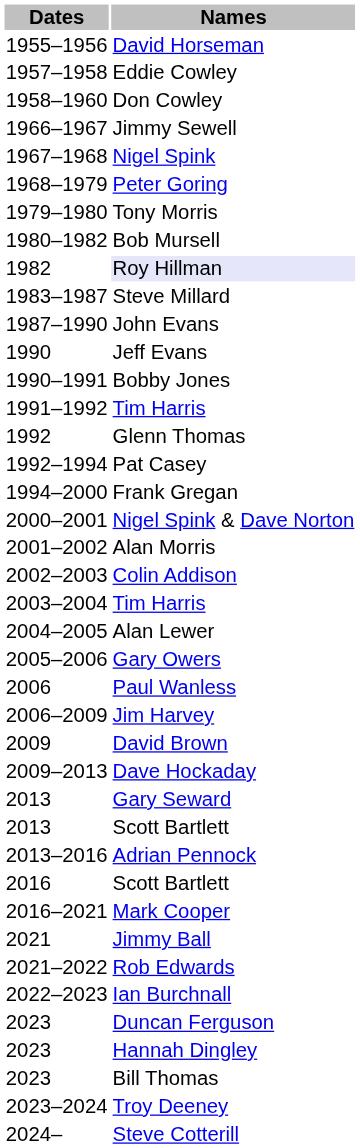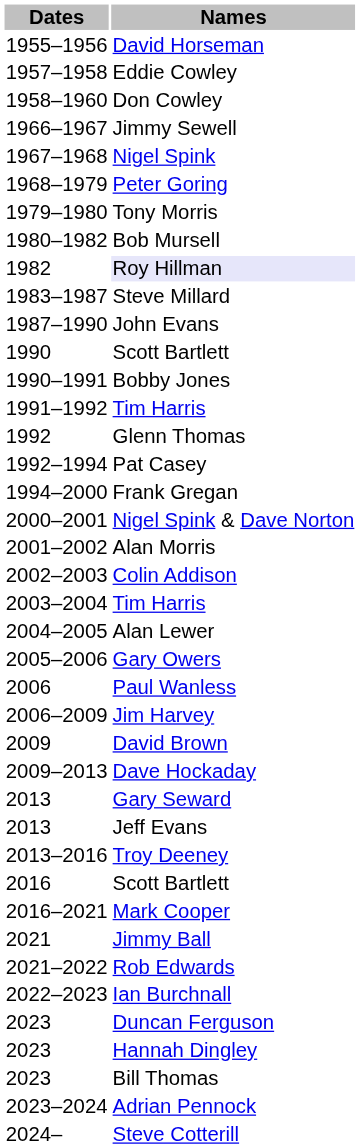 <table class="toccolours">
 <tr>
 <th bgcolor=silver>Dates</th>
 <th bgcolor=silver>Names</th>
 </tr>
 <tr>
 <td>1955–1956</td>
 <td> <a href='#'>David Horseman</a></td>
 </tr>
 <tr>
 <td>1957–1958</td>
 <td> Eddie Cowley</td>
 </tr>
 <tr>
 <td>1958–1960</td>
 <td> Don Cowley</td>
 </tr>
 <tr>
 <td>1966–1967</td>
 <td> Jimmy Sewell</td>
 </tr>
 <tr>
 <td>1967–1968</td>
 <td> <a href='#'>Nigel Spink</a></td>
 </tr>
 <tr>
 <td>1968–1979</td>
 <td> <a href='#'>Peter Goring</a></td>
 </tr>
 <tr>
 <td>1979–1980</td>
 <td> Tony Morris</td>
 </tr>
 <tr>
 <td>1980–1982</td>
 <td> Bob Mursell</td>
 </tr>
 <tr>
 <td>1982</td>
 <td style="background: lavender;"> Roy Hillman</td>
 </tr>
 <tr>
 <td>1983–1987</td>
 <td> Steve Millard</td>
 </tr>
 <tr>
 <td>1987–1990</td>
 <td> John Evans</td>
 </tr>
 <tr>
 <td>1990</td>
-<td> Jeff Evans</td>
+<td> Scott Bartlett</td>
 </tr>
 <tr>
 <td>1990–1991</td>
 <td> Bobby Jones</td>
 </tr>
 <tr>
 <td>1991–1992</td>
 <td> <a href='#'>Tim Harris</a></td>
 </tr>
 <tr>
 <td>1992</td>
 <td> Glenn Thomas</td>
 </tr>
 <tr>
 <td>1992–1994</td>
 <td> Pat Casey</td>
 </tr>
 <tr>
 <td>1994–2000</td>
 <td> Frank Gregan</td>
 </tr>
 <tr>
 <td>2000–2001</td>
 <td> <a href='#'>Nigel Spink</a> & <a href='#'>Dave Norton</a></td>
 </tr>
 <tr>
 <td>2001–2002</td>
 <td> Alan Morris</td>
 </tr>
 <tr>
 <td>2002–2003</td>
 <td> <a href='#'>Colin Addison</a></td>
 </tr>
 <tr>
 <td>2003–2004</td>
 <td> <a href='#'>Tim Harris</a></td>
 </tr>
 <tr>
 <td>2004–2005</td>
 <td> Alan Lewer</td>
 </tr>
 <tr>
 <td>2005–2006</td>
 <td> <a href='#'>Gary Owers</a></td>
 </tr>
 <tr>
 <td>2006</td>
 <td> <a href='#'>Paul Wanless</a></td>
 </tr>
 <tr>
 <td>2006–2009</td>
 <td> <a href='#'>Jim Harvey</a></td>
 </tr>
 <tr>
 <td>2009</td>
 <td> <a href='#'>David Brown</a></td>
 </tr>
 <tr>
 <td>2009–2013</td>
 <td> <a href='#'>Dave Hockaday</a></td>
 </tr>
 <tr>
 <td>2013</td>
 <td> <a href='#'>Gary Seward</a></td>
 </tr>
 <tr>
 <td>2013</td>
-<td> Scott Bartlett</td>
+<td> Jeff Evans</td>
 </tr>
 <tr>
 <td>2013–2016</td>
-<td> <a href='#'>Adrian Pennock</a></td>
+<td> <a href='#'>Troy Deeney</a></td>
 </tr>
 <tr>
 <td>2016</td>
 <td> Scott Bartlett</td>
 </tr>
 <tr>
 <td>2016–2021</td>
 <td> <a href='#'>Mark Cooper</a></td>
 </tr>
 <tr>
 <td>2021</td>
 <td> <a href='#'>Jimmy Ball</a></td>
 </tr>
 <tr>
 <td>2021–2022</td>
 <td> <a href='#'>Rob Edwards</a></td>
 </tr>
 <tr>
 <td>2022–2023</td>
 <td> <a href='#'>Ian Burchnall</a></td>
 </tr>
 <tr>
 <td>2023</td>
 <td> <a href='#'>Duncan Ferguson</a></td>
 </tr>
 <tr>
 <td>2023</td>
 <td> <a href='#'>Hannah Dingley</a></td>
 </tr>
 <tr>
 <td>2023</td>
 <td> Bill Thomas</td>
 </tr>
 <tr>
 <td>2023–2024</td>
-<td> <a href='#'>Troy Deeney</a></td>
+<td> <a href='#'>Adrian Pennock</a></td>
 </tr>
 <tr>
 <td>2024–</td>
 <td> <a href='#'>Steve Cotterill</a></td>
 </tr>
 </table>
